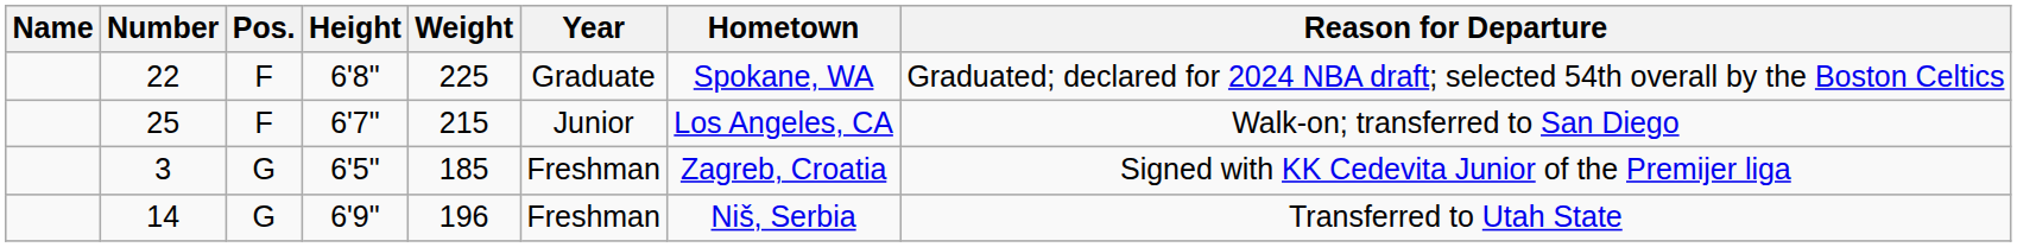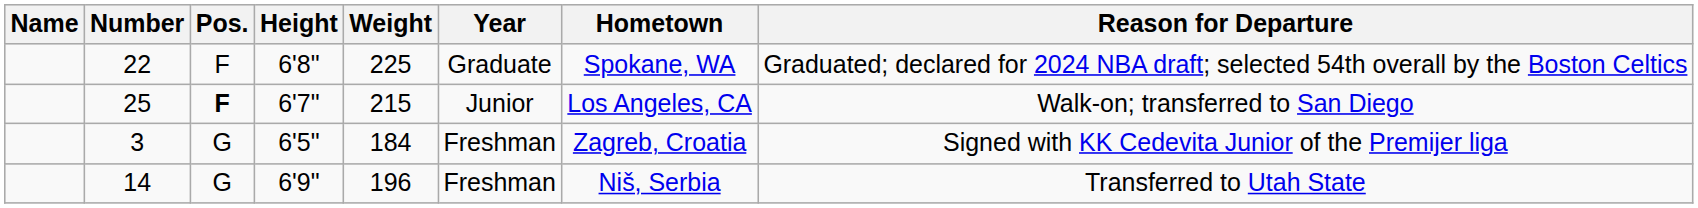 <table class="wikitable sortable" style="text-align: center">
 <tr align=center>
 <th>Name</th>
 <th>Number</th>
 <th>Pos.</th>
 <th>Height</th>
 <th>Weight</th>
 <th>Year</th>
 <th>Hometown</th>
 <th>Reason for Departure</th>
 </tr>
 <tr>
 <td></td>
 <td>22</td>
 <td>F</td>
 <td>6'8"</td>
 <td>225</td>
 <td>Graduate</td>
 <td><a href='#'>Spokane, WA</a></td>
 <td>Graduated; declared for <a href='#'>2024 NBA draft</a>; selected 54th overall by the <a href='#'>Boston Celtics</a></td>
 </tr>
 <tr>
 <td></td>
 <td>25</td>
-<td>F</td>
+<td><strong>F</strong></td>
 <td>6'7"</td>
 <td>215</td>
 <td> Junior</td>
 <td><a href='#'>Los Angeles, CA</a></td>
 <td>Walk-on; transferred to <a href='#'>San Diego</a></td>
 </tr>
 <tr>
 <td></td>
 <td>3</td>
 <td>G</td>
 <td>6'5"</td>
-<td>185</td>
+<td>184</td>
 <td>Freshman</td>
 <td><a href='#'>Zagreb, Croatia</a></td>
 <td>Signed with <a href='#'>KK Cedevita Junior</a> of the <a href='#'>Premijer liga</a></td>
 </tr>
 <tr>
 <td></td>
 <td>14</td>
 <td>G</td>
 <td>6'9"</td>
 <td>196</td>
 <td>Freshman</td>
 <td><a href='#'>Niš, Serbia</a></td>
 <td>Transferred to <a href='#'>Utah State</a></td>
 </tr>
 </table>
